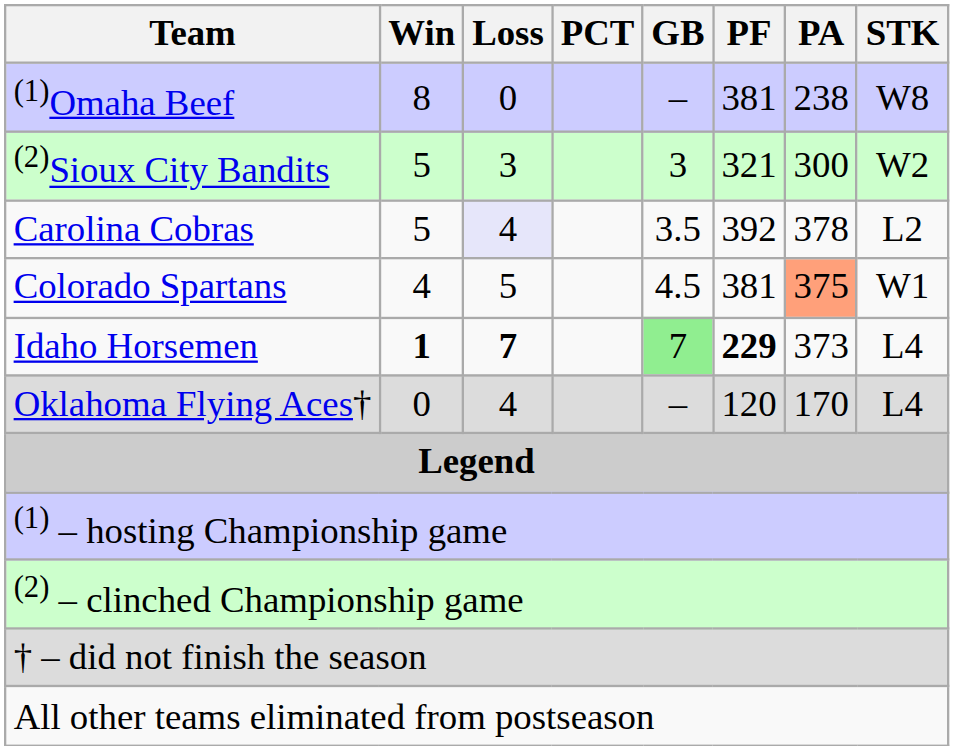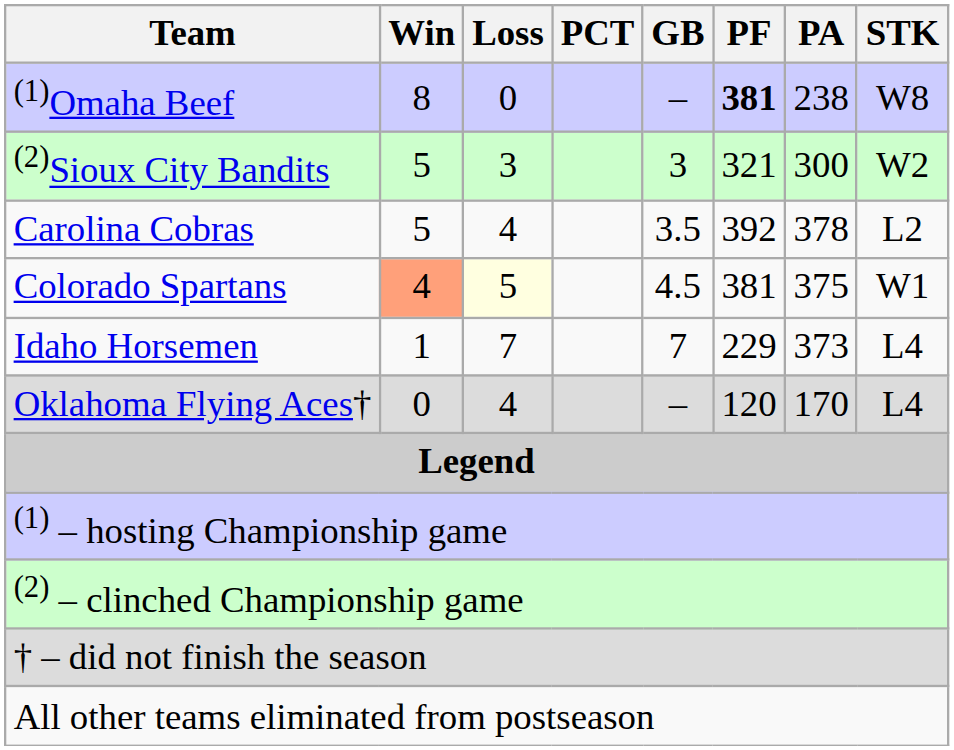 <table class="wikitable" style="text-align:center">
 <tr>
 <th>Team</th>
 <th>Win</th>
 <th>Loss</th>
 <th>PCT</th>
 <th>GB</th>
 <th>PF</th>
 <th>PA</th>
 <th>STK</th>
 </tr>
 <tr style="background:#CCCCFF">
 <td style="text-align:left;"><sup>(1)</sup><a href='#'>Omaha Beef</a></td>
 <td>8</td>
 <td>0</td>
 <td></td>
 <td>–</td>
-<td>381</td>
+<td><strong>381</strong></td>
 <td>238</td>
 <td>W8</td>
 </tr>
 <tr style="background:#CCFFCC">
 <td style="text-align:left;"><sup>(2)</sup><a href='#'>Sioux City Bandits</a></td>
 <td>5</td>
 <td>3</td>
 <td></td>
 <td>3</td>
 <td>321</td>
 <td>300</td>
 <td>W2</td>
 </tr>
 <tr>
 <td style="text-align:left;"><a href='#'>Carolina Cobras</a></td>
 <td>5</td>
-<td style="background: lavender;">4</td>
+<td>4</td>
 <td></td>
 <td>3.5</td>
 <td>392</td>
 <td>378</td>
 <td>L2</td>
 </tr>
 <tr>
 <td style="text-align:left;"><a href='#'>Colorado Spartans</a></td>
-<td>4</td>
-<td>5</td>
+<td style="background: lightsalmon;">4</td>
+<td style="background: lightyellow;">5</td>
 <td></td>
 <td>4.5</td>
 <td>381</td>
-<td style="background: lightsalmon;">375</td>
+<td>375</td>
 <td>W1</td>
 </tr>
 <tr>
 <td style="text-align:left;"><a href='#'>Idaho Horsemen</a></td>
-<td><strong>1</strong></td>
-<td><strong>7</strong></td>
+<td>1</td>
+<td>7</td>
 <td></td>
-<td style="background: lightgreen;">7</td>
-<td><strong>229</strong></td>
+<td>7</td>
+<td>229</td>
 <td>373</td>
 <td>L4</td>
 </tr>
 <tr style="background:gainsboro">
 <td style="text-align:left;"><a href='#'>Oklahoma Flying Aces</a>†</td>
 <td>0</td>
 <td>4</td>
 <td></td>
 <td>–</td>
 <td>120</td>
 <td>170</td>
 <td>L4</td>
 </tr>
 <tr style="background-color:#cccccc">
 <td colspan="8" style="text-align:center"><strong>Legend</strong></td>
 </tr>
 <tr style="background:#CCCCFF">
 <td colspan="8" style="text-align:left"><sup>(1)</sup> – hosting Championship game</td>
 </tr>
 <tr style="background:#CCFFCC">
 <td colspan="8" style="text-align:left"><sup>(2)</sup> – clinched Championship game</td>
 </tr>
 <tr style="background:gainsboro">
 <td colspan="8" style="text-align:left">† – did not finish the season</td>
 </tr>
 <tr>
 <td colspan="8" style="text-align:left">All other teams eliminated from postseason</td>
 </tr>
 </table>
